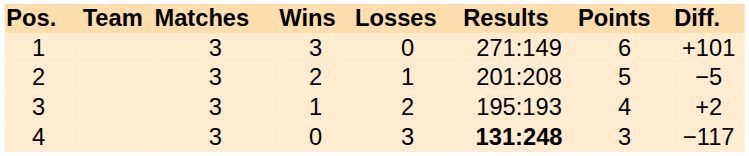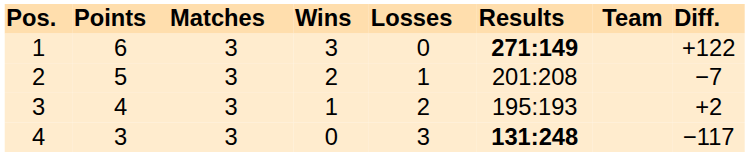 <table style="text-align:left" border="0" cellspacing="0" align="right" width="500px">
 <tr bgcolor="#FFDEAD">
 <th>Pos.</th>
-<th align="center">Team</th>
+<th>Points</th>
 <th>Matches</th>
 <th>Wins</th>
 <th>Losses</th>
 <th>Results</th>
-<th>Points</th>
+<th align="center">Team</th>
 <th>Diff.</th>
 </tr>
 <tr bgcolor="#FFECCE" align="center">
 <td>1</td>
-<td align="left"></td>
+<td>6</td>
 <td>3</td>
 <td>3</td>
 <td>0</td>
-<td>271:149</td>
-<td>6</td>
-<td>+101</td>
+<td><strong>271:149</strong></td>
+<td align="left"></td>
+<td>+122</td>
 </tr>
 <tr bgcolor="#FFECCE" align="center">
 <td>2</td>
-<td align="left"></td>
+<td>5</td>
 <td>3</td>
 <td>2</td>
 <td>1</td>
 <td>201:208</td>
-<td>5</td>
-<td>−5</td>
+<td align="left"></td>
+<td>−7</td>
 </tr>
 <tr bgcolor="#FFECCE" align="center">
 <td>3</td>
-<td align="left"></td>
+<td>4</td>
 <td>3</td>
 <td>1</td>
 <td>2</td>
 <td>195:193</td>
-<td>4</td>
+<td align="left"></td>
 <td>+2</td>
 </tr>
 <tr bgcolor="#FFECCE" align="center">
 <td>4</td>
-<td align="left"></td>
+<td>3</td>
 <td>3</td>
 <td>0</td>
 <td>3</td>
 <td><strong>131:248</strong></td>
-<td>3</td>
+<td align="left"></td>
 <td>−117</td>
 </tr>
 </table>
